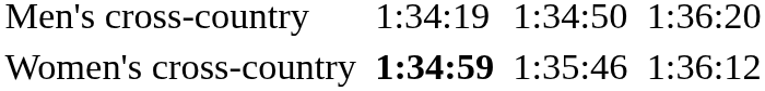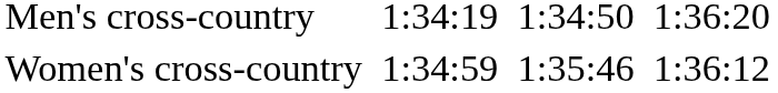 <table>
 <tr>
 <td>Men's cross-country<br></td>
 <td></td>
 <td>1:34:19</td>
 <td></td>
 <td>1:34:50</td>
 <td></td>
 <td>1:36:20</td>
 </tr>
 <tr>
 <td>Women's cross-country<br></td>
 <td></td>
-<td><strong>1:34:59</strong></td>
+<td>1:34:59</td>
 <td></td>
 <td>1:35:46</td>
 <td></td>
 <td>1:36:12</td>
 </tr>
 <tr>
 </tr>
 </table>
